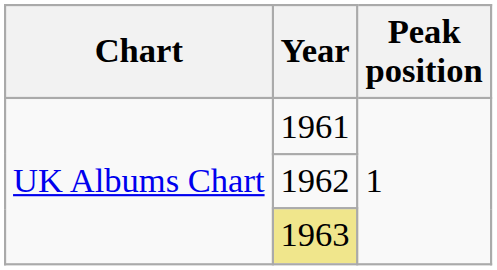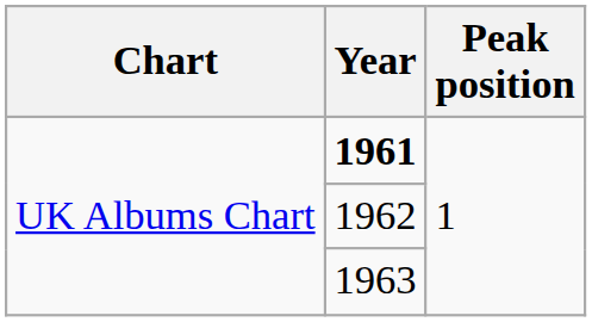 <table class="wikitable sortable">
 <tr>
 <th>Chart</th>
 <th>Year</th>
 <th>Peak<br>position</th>
 </tr>
 <tr>
 <td rowspan="3" style="text-align:left;"><a href='#'>UK Albums Chart</a></td>
-<td align="left">1961</td>
+<td align="left"><strong>1961</strong></td>
 <td rowspan="3" style="text-align:left;">1</td>
 </tr>
 <tr>
 <td align="left">1962</td>
 </tr>
 <tr>
-<td align="left" style="background: khaki;">1963</td>
+<td align="left">1963</td>
 </tr>
 </table>
